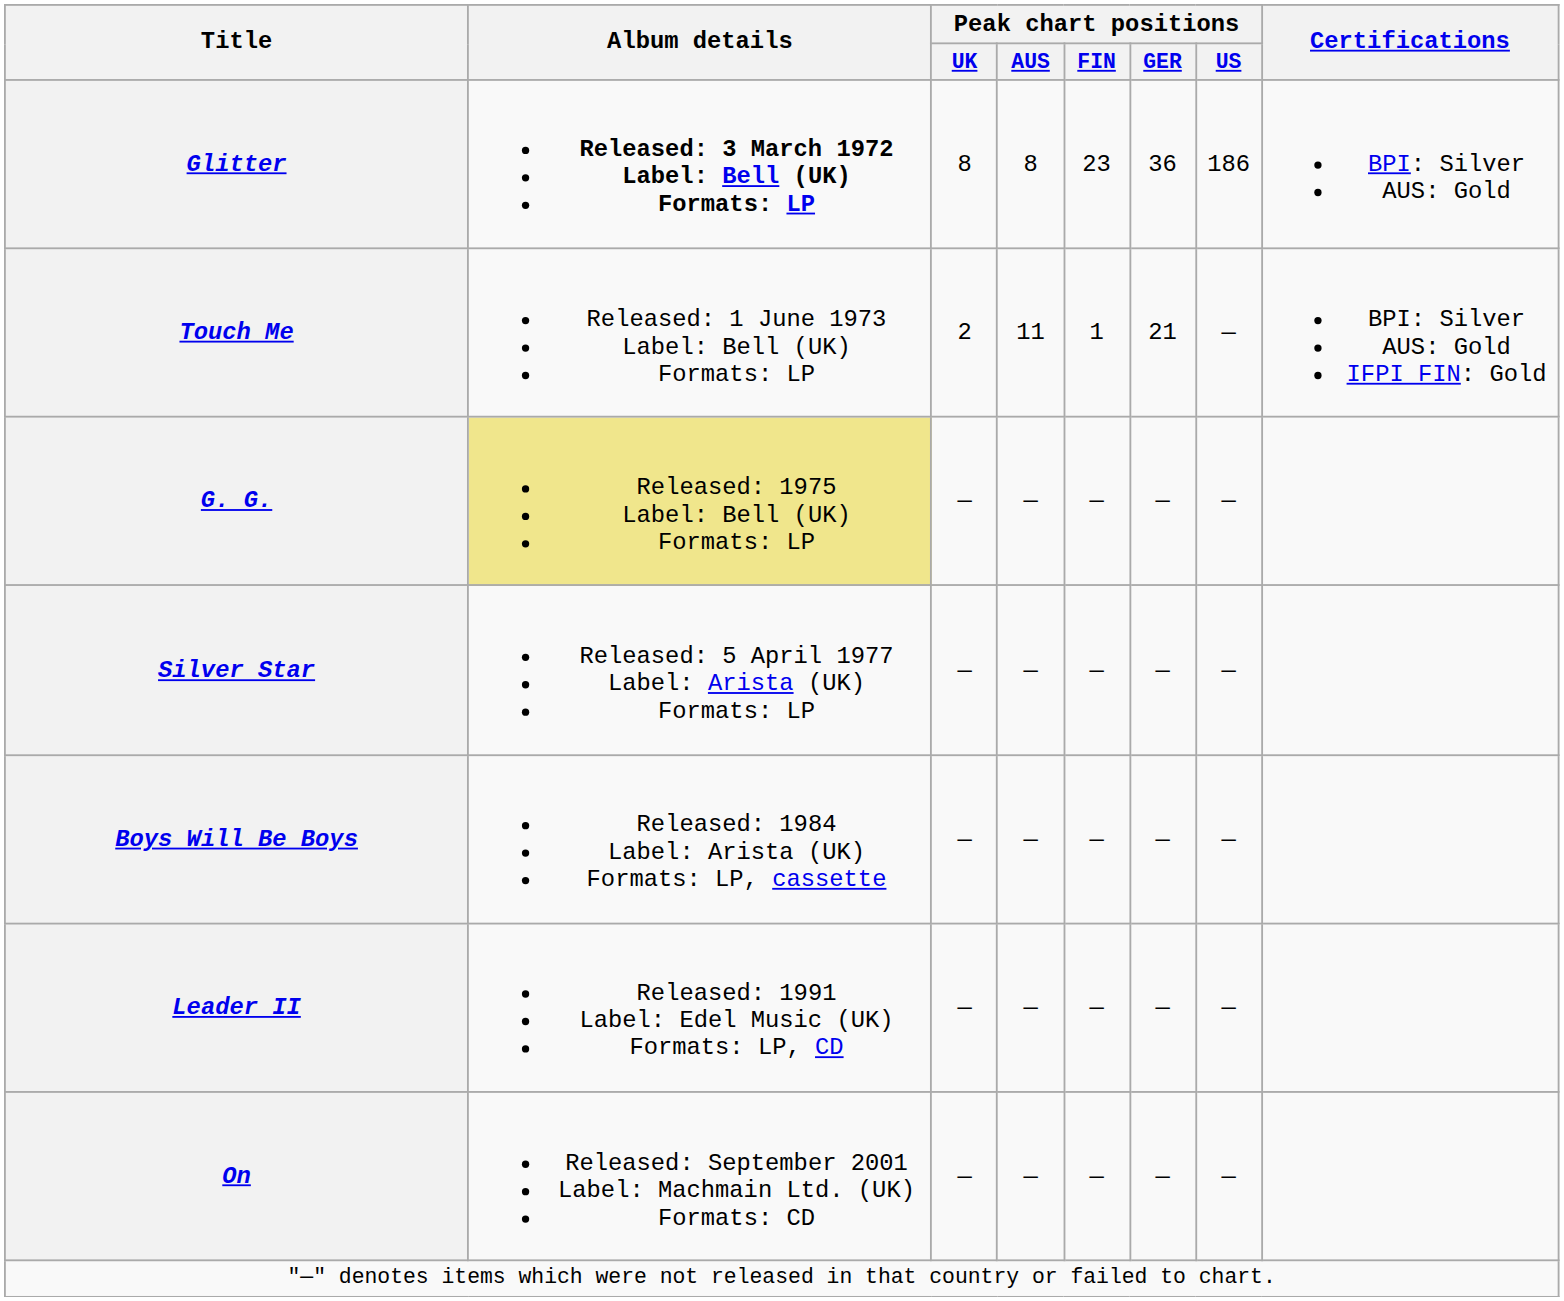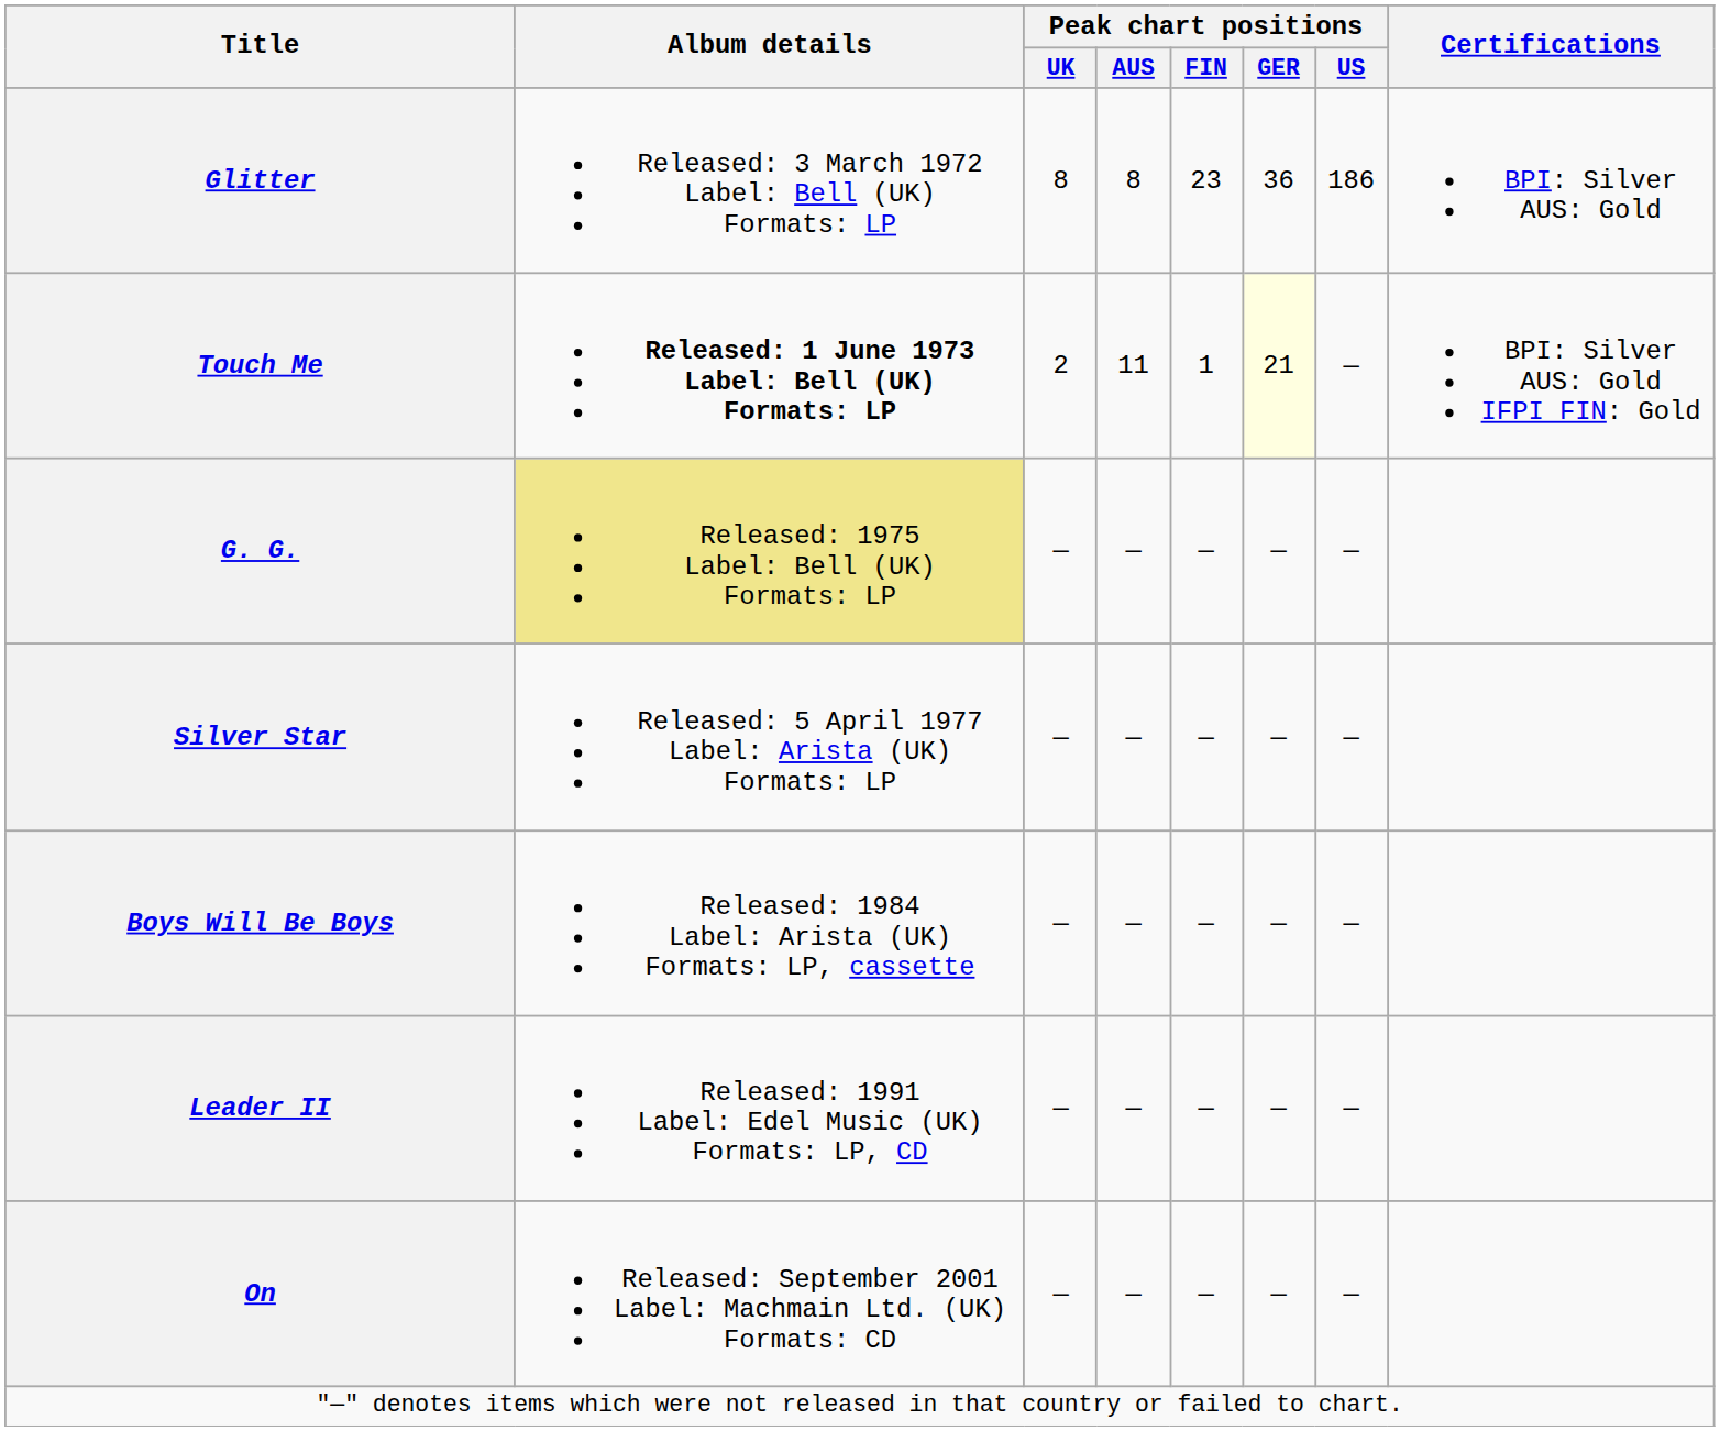 <table class="wikitable plainrowheaders" style="text-align:center;">
 <tr>
 <th scope="col" rowspan="2" style="width:19em;">Title</th>
 <th scope="col" rowspan="2" style="width:19em;">Album details</th>
 <th scope="col" colspan="5">Peak chart positions</th>
 <th scope="col" rowspan="2" style="width:12em;"><a href='#'>Certifications</a></th>
 </tr>
 <tr>
 <th scope="col" style="width:2.6em;font-size:90%;"><a href='#'>UK</a><br></th>
 <th scope="col" style="width:2.6em;font-size:90%;"><a href='#'>AUS</a><br></th>
 <th scope="col" style="width:2.6em;font-size:90%;"><a href='#'>FIN</a></th>
 <th scope="col" style="width:2.6em;font-size:90%;"><a href='#'>GER</a><br></th>
 <th scope="col" style="width:2.6em;font-size:90%;"><a href='#'>US</a><br></th>
 </tr>
 <tr>
 <th scope="row"><em><a href='#'>Glitter</a></em></th>
-<td><strong><br><ul><li>Released: 3 March 1972</li><li>Label: <a href='#'>Bell</a> <span>(UK)</span></li><li>Formats: <a href='#'>LP</a></li></ul></strong></td>
+<td><br><ul><li>Released: 3 March 1972</li><li>Label: <a href='#'>Bell</a> <span>(UK)</span></li><li>Formats: <a href='#'>LP</a></li></ul></td>
 <td>8</td>
 <td>8</td>
 <td>23</td>
 <td>36</td>
 <td>186</td>
 <td><br><ul><li><a href='#'>BPI</a>: Silver</li><li>AUS: Gold</li></ul></td>
 </tr>
 <tr>
 <th scope="row"><em><a href='#'>Touch Me</a></em></th>
-<td><br><ul><li>Released: 1 June 1973</li><li>Label: Bell <span>(UK)</span></li><li>Formats: LP</li></ul></td>
+<td><strong><br><ul><li>Released: 1 June 1973</li><li>Label: Bell <span>(UK)</span></li><li>Formats: LP</li></ul></strong></td>
 <td>2</td>
 <td>11</td>
 <td>1</td>
-<td>21</td>
+<td style="background: lightyellow;">21</td>
 <td>—</td>
 <td><br><ul><li>BPI: Silver</li><li>AUS: Gold</li><li><a href='#'>IFPI FIN</a>: Gold</li></ul></td>
 </tr>
 <tr>
 <th scope="row"><em><a href='#'>G. G.</a></em></th>
 <td style="background: khaki;"><br><ul><li>Released: 1975</li><li>Label: Bell <span>(UK)</span></li><li>Formats: LP</li></ul></td>
 <td>—</td>
 <td>—</td>
 <td>—</td>
 <td>—</td>
 <td>—</td>
 <td></td>
 </tr>
 <tr>
 <th scope="row"><em><a href='#'>Silver Star</a></em></th>
 <td><br><ul><li>Released: 5 April 1977 </li><li>Label: <a href='#'>Arista</a> <span>(UK)</span></li><li>Formats: LP</li></ul></td>
 <td>—</td>
 <td>—</td>
 <td>—</td>
 <td>—</td>
 <td>—</td>
 <td></td>
 </tr>
 <tr>
 <th scope="row"><em><a href='#'>Boys Will Be Boys</a></em></th>
 <td><br><ul><li>Released: 1984</li><li>Label: Arista <span>(UK)</span></li><li>Formats: LP, <a href='#'>cassette</a></li></ul></td>
 <td>—</td>
 <td>—</td>
 <td>—</td>
 <td>—</td>
 <td>—</td>
 <td></td>
 </tr>
 <tr>
 <th scope="row"><em><a href='#'>Leader II</a></em></th>
 <td><br><ul><li>Released: 1991</li><li>Label: Edel Music <span>(UK)</span></li><li>Formats: LP, <a href='#'>CD</a></li></ul></td>
 <td>—</td>
 <td>—</td>
 <td>—</td>
 <td>—</td>
 <td>—</td>
 <td></td>
 </tr>
 <tr>
 <th scope="row"><em><a href='#'>On</a></em></th>
 <td><br><ul><li>Released: September 2001</li><li>Label: Machmain Ltd. <span>(UK)</span></li><li>Formats: CD</li></ul></td>
 <td>—</td>
 <td>—</td>
 <td>—</td>
 <td>—</td>
 <td>—</td>
 <td></td>
 </tr>
 <tr>
 <td colspan="10" style="font-size:90%">"—" denotes items which were not released in that country or failed to chart.</td>
 </tr>
 </table>
